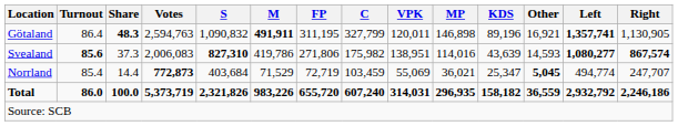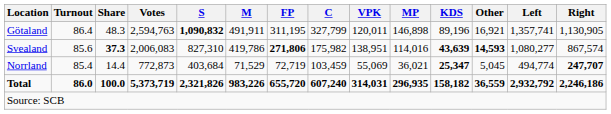 <table class="wikitable sortable" style=text-align:right>
 <tr>
 <th>Location</th>
 <th>Turnout</th>
 <th>Share</th>
 <th>Votes</th>
 <th><a href='#'>S</a></th>
 <th><a href='#'>M</a></th>
 <th><a href='#'>FP</a></th>
 <th><a href='#'>C</a></th>
 <th><a href='#'>VPK</a></th>
 <th><a href='#'>MP</a></th>
 <th><a href='#'>KDS</a></th>
 <th>Other</th>
 <th>Left</th>
 <th>Right</th>
 </tr>
 <tr>
 <td align=left><a href='#'>Götaland</a></td>
 <td>86.4</td>
-<td><strong>48.3</strong></td>
+<td>48.3</td>
 <td>2,594,763</td>
-<td>1,090,832</td>
-<td><strong>491,911</strong></td>
+<td><strong>1,090,832</strong></td>
+<td>491,911</td>
 <td>311,195</td>
 <td>327,799</td>
 <td>120,011</td>
 <td>146,898</td>
 <td>89,196</td>
 <td>16,921</td>
-<td><strong>1,357,741</strong></td>
+<td>1,357,741</td>
 <td>1,130,905</td>
 </tr>
 <tr>
 <td align=left><a href='#'>Svealand</a></td>
-<td><strong>85.6</strong></td>
-<td>37.3</td>
+<td>85.6</td>
+<td><strong>37.3</strong></td>
 <td>2,006,083</td>
-<td><strong>827,310</strong></td>
+<td>827,310</td>
 <td>419,786</td>
-<td>271,806</td>
+<td><strong>271,806</strong></td>
 <td>175,982</td>
 <td>138,951</td>
 <td>114,016</td>
-<td>43,639</td>
-<td>14,593</td>
-<td><strong>1,080,277</strong></td>
-<td><strong>867,574</strong></td>
+<td><strong>43,639</strong></td>
+<td><strong>14,593</strong></td>
+<td>1,080,277</td>
+<td>867,574</td>
 </tr>
 <tr>
 <td align=left><a href='#'>Norrland</a></td>
 <td>85.4</td>
 <td>14.4</td>
-<td><strong>772,873</strong></td>
+<td>772,873</td>
 <td>403,684</td>
 <td>71,529</td>
 <td>72,719</td>
 <td>103,459</td>
 <td>55,069</td>
 <td>36,021</td>
-<td>25,347</td>
-<td><strong>5,045</strong></td>
+<td><strong>25,347</strong></td>
+<td>5,045</td>
 <td>494,774</td>
-<td>247,707</td>
+<td><strong>247,707</strong></td>
 </tr>
 <tr>
 <td align=left><strong>Total</strong></td>
 <td><strong>86.0</strong></td>
 <td><strong>100.0</strong></td>
 <td><strong>5,373,719</strong></td>
 <td><strong>2,321,826</strong></td>
 <td><strong>983,226</strong></td>
 <td><strong>655,720</strong></td>
 <td><strong>607,240</strong></td>
 <td><strong>314,031</strong></td>
 <td><strong>296,935</strong></td>
 <td><strong>158,182</strong></td>
 <td><strong>36,559</strong></td>
 <td><strong>2,932,792</strong></td>
 <td><strong>2,246,186</strong></td>
 </tr>
 <tr>
 <td align=left colspan=14>Source: SCB </td>
 </tr>
 </table>
